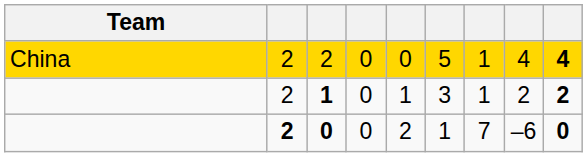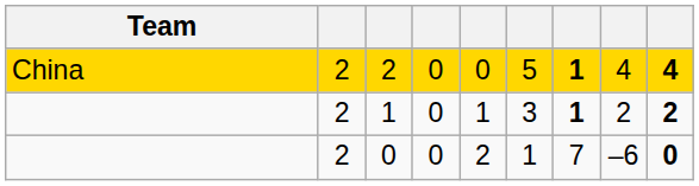 <table class=wikitable style="text-align:center">
 <tr>
 <th width="175">Team</th>
 <th width="20"></th>
 <th width="20"></th>
 <th width="20"></th>
 <th width="20"></th>
 <th width="20"></th>
 <th width="20"></th>
 <th width="20"></th>
 <th width="20"></th>
 </tr>
 <tr bgcolor=gold>
 <td align=left> China</td>
 <td>2</td>
 <td>2</td>
 <td>0</td>
 <td>0</td>
 <td>5</td>
-<td>1</td>
+<td><strong>1</strong></td>
 <td>4</td>
 <td><strong>4</strong></td>
 </tr>
 <tr>
 <td align=left></td>
 <td>2</td>
-<td><strong>1</strong></td>
+<td>1</td>
 <td>0</td>
 <td>1</td>
 <td>3</td>
-<td>1</td>
+<td><strong>1</strong></td>
 <td>2</td>
 <td><strong>2</strong></td>
 </tr>
 <tr>
 <td align=left></td>
-<td><strong>2</strong></td>
-<td><strong>0</strong></td>
+<td>2</td>
+<td>0</td>
 <td>0</td>
 <td>2</td>
 <td>1</td>
 <td>7</td>
 <td>–6</td>
 <td><strong>0</strong></td>
 </tr>
 </table>
